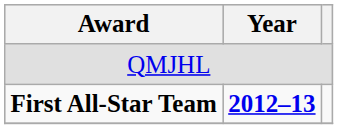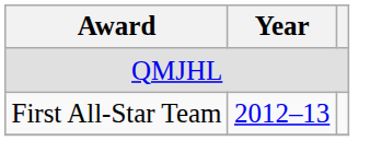 <table class="wikitable">
 <tr>
 <th>Award</th>
 <th>Year</th>
 <th></th>
 </tr>
 <tr ALIGN="center" bgcolor="#e0e0e0">
 <td colspan="3"><a href='#'>QMJHL</a></td>
 </tr>
 <tr>
-<td><strong>First All-Star Team</strong></td>
-<td><strong><a href='#'>2012–13</a></strong></td>
+<td>First All-Star Team</td>
+<td><a href='#'>2012–13</a></td>
 <td></td>
 </tr>
 <tr>
 </tr>
 </table>
